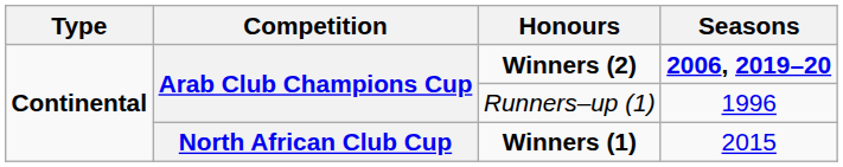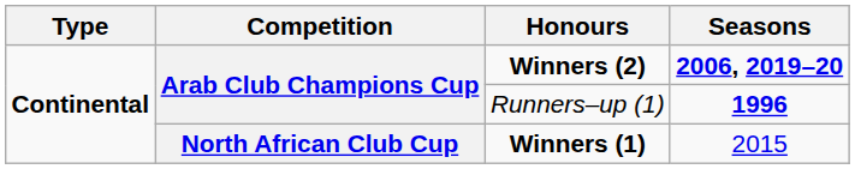 <table class="wikitable plainrowheaders" style="font-size:95%; text-align:center;">
 <tr>
 <th>Type</th>
 <th>Competition</th>
 <th><strong>Honours</strong></th>
 <th>Seasons</th>
 </tr>
 <tr>
 <td rowspan="3"><strong>Continental</strong></td>
 <th rowspan="2" scope="col"><a href='#'>Arab Club Champions Cup</a></th>
 <td align="center"><strong>Winners (2)</strong></td>
 <td><strong><a href='#'>2006</a>, <a href='#'>2019–20</a></strong></td>
 </tr>
 <tr>
 <td align="center"><em>Runners–up (1)</em></td>
-<td><a href='#'>1996</a></td>
+<td><strong><a href='#'>1996</a></strong></td>
 </tr>
 <tr>
 <th scope="col"><a href='#'>North African Club Cup</a></th>
 <td align="center"><strong>Winners (1)</strong></td>
 <td><a href='#'>2015</a></td>
 </tr>
 </table>
